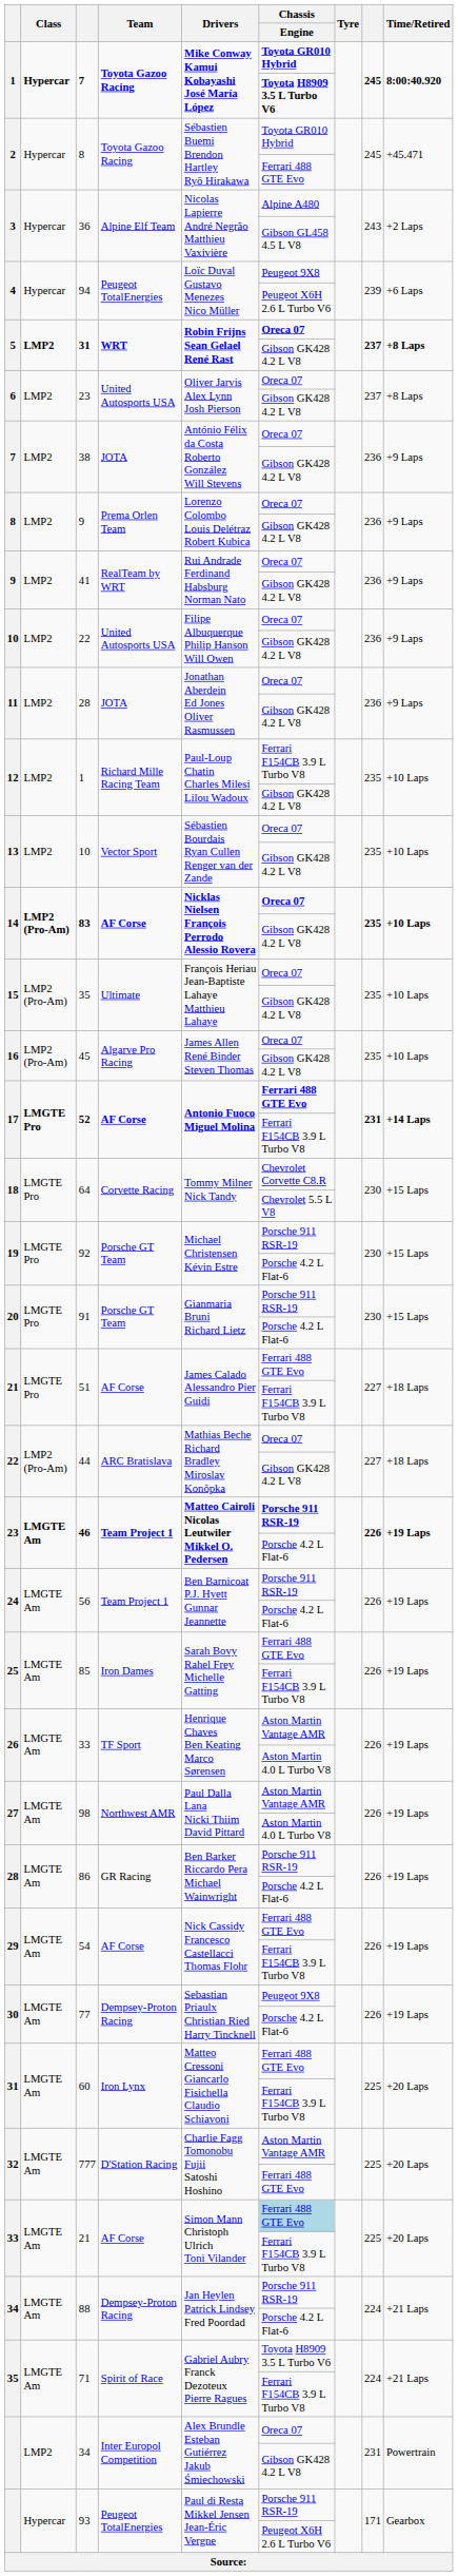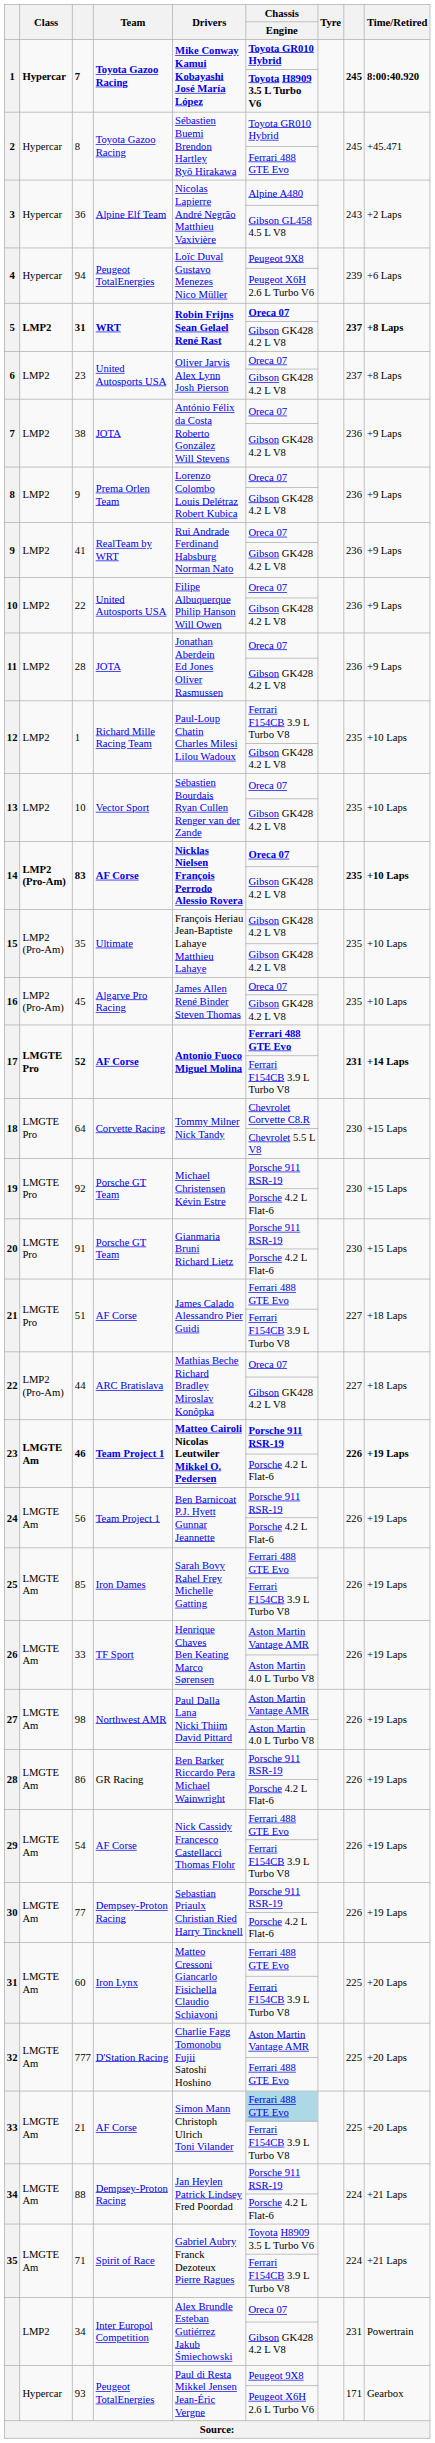 <table class="wikitable" style="font-size:95%;">
 <tr>
 <th rowspan=2></th>
 <th rowspan=2>Class</th>
 <th rowspan=2></th>
 <th rowspan=2>Team</th>
 <th rowspan=2>Drivers</th>
 <th>Chassis</th>
 <th rowspan=2>Tyre</th>
 <th rowspan=2></th>
 <th rowspan=2>Time/Retired</th>
 </tr>
 <tr>
 <th>Engine</th>
 </tr>
 <tr style="font-weight:bold;">
 <th rowspan=2>1</th>
 <td rowspan=2>Hypercar</td>
 <td rowspan=2>7</td>
 <td rowspan=2> <a href='#'>Toyota Gazoo Racing</a></td>
 <td rowspan=2> <a href='#'>Mike Conway</a><br> <a href='#'>Kamui Kobayashi</a><br> <a href='#'>José María López</a></td>
 <td><a href='#'>Toyota GR010 Hybrid</a></td>
 <td rowspan=2></td>
 <td rowspan=2>245</td>
 <td rowspan=2>8:00:40.920</td>
 </tr>
 <tr style="font-weight:bold;">
 <td><a href='#'>Toyota</a> <a href='#'>H8909</a> 3.5 L Turbo V6</td>
 </tr>
 <tr>
 <th rowspan=2>2</th>
 <td rowspan=2>Hypercar</td>
 <td rowspan=2>8</td>
 <td rowspan=2> <a href='#'>Toyota Gazoo Racing</a></td>
 <td rowspan=2> <a href='#'>Sébastien Buemi</a><br> <a href='#'>Brendon Hartley</a><br> <a href='#'>Ryō Hirakawa</a></td>
 <td><a href='#'>Toyota GR010 Hybrid</a></td>
 <td rowspan=2></td>
 <td rowspan=2>245</td>
 <td rowspan=2>+45.471</td>
 </tr>
 <tr>
 <td><a href='#'>Ferrari 488 GTE Evo</a></td>
 </tr>
 <tr>
 <th rowspan=2>3</th>
 <td rowspan=2>Hypercar</td>
 <td rowspan=2>36</td>
 <td rowspan=2> <a href='#'>Alpine Elf Team</a></td>
 <td rowspan=2> <a href='#'>Nicolas Lapierre</a><br> <a href='#'>André Negrão</a><br> <a href='#'>Matthieu Vaxivière</a></td>
 <td><a href='#'>Alpine A480</a></td>
 <td rowspan=2></td>
 <td rowspan=2>243</td>
 <td rowspan=2>+2 Laps</td>
 </tr>
 <tr>
 <td><a href='#'>Gibson GL458</a> 4.5 L V8</td>
 </tr>
 <tr>
 <th rowspan=2>4</th>
 <td rowspan=2>Hypercar</td>
 <td rowspan=2>94</td>
 <td rowspan=2> <a href='#'>Peugeot TotalEnergies</a></td>
 <td rowspan=2> <a href='#'>Loïc Duval</a><br> <a href='#'>Gustavo Menezes</a><br> <a href='#'>Nico Müller</a></td>
 <td><a href='#'>Peugeot 9X8</a></td>
 <td rowspan=2></td>
 <td rowspan=2>239</td>
 <td rowspan=2>+6 Laps</td>
 </tr>
 <tr>
 <td><a href='#'>Peugeot X6H</a> 2.6 L Turbo V6</td>
 </tr>
 <tr style="font-weight:bold;">
 <th rowspan=2>5</th>
 <td rowspan=2>LMP2</td>
 <td rowspan=2>31</td>
 <td rowspan=2> <a href='#'>WRT</a></td>
 <td rowspan=2> <a href='#'>Robin Frijns</a><br> <a href='#'>Sean Gelael</a><br> <a href='#'>René Rast</a></td>
 <td><a href='#'>Oreca 07</a></td>
 <td rowspan=2></td>
 <td rowspan=2>237</td>
 <td rowspan=2>+8 Laps</td>
 </tr>
 <tr>
 <td><a href='#'>Gibson</a> GK428 4.2 L V8</td>
 </tr>
 <tr>
 <th rowspan=2>6</th>
 <td rowspan=2>LMP2</td>
 <td rowspan=2>23</td>
 <td rowspan=2> <a href='#'>United Autosports USA</a></td>
 <td rowspan=2> <a href='#'>Oliver Jarvis</a><br> <a href='#'>Alex Lynn</a><br> <a href='#'>Josh Pierson</a></td>
 <td><a href='#'>Oreca 07</a></td>
 <td rowspan=2></td>
 <td rowspan=2>237</td>
 <td rowspan=2>+8 Laps</td>
 </tr>
 <tr>
 <td><a href='#'>Gibson</a> GK428 4.2 L V8</td>
 </tr>
 <tr>
 <th rowspan=2>7</th>
 <td rowspan=2>LMP2</td>
 <td rowspan=2>38</td>
 <td rowspan=2> <a href='#'>JOTA</a></td>
 <td rowspan=2> <a href='#'>António Félix da Costa</a><br> <a href='#'>Roberto González</a><br> <a href='#'>Will Stevens</a></td>
 <td><a href='#'>Oreca 07</a></td>
 <td rowspan=2></td>
 <td rowspan=2>236</td>
 <td rowspan=2>+9 Laps</td>
 </tr>
 <tr>
 <td><a href='#'>Gibson</a> GK428 4.2 L V8</td>
 </tr>
 <tr>
 <th rowspan=2>8</th>
 <td rowspan=2>LMP2</td>
 <td rowspan=2>9</td>
 <td rowspan=2> <a href='#'>Prema Orlen Team</a></td>
 <td rowspan=2> <a href='#'>Lorenzo Colombo</a><br> <a href='#'>Louis Delétraz</a><br> <a href='#'>Robert Kubica</a></td>
 <td><a href='#'>Oreca 07</a></td>
 <td rowspan=2></td>
 <td rowspan=2>236</td>
 <td rowspan=2>+9 Laps</td>
 </tr>
 <tr>
 <td><a href='#'>Gibson</a> GK428 4.2 L V8</td>
 </tr>
 <tr>
 <th rowspan=2>9</th>
 <td rowspan=2>LMP2</td>
 <td rowspan=2>41</td>
 <td rowspan=2> <a href='#'>RealTeam by WRT</a></td>
 <td rowspan=2> <a href='#'>Rui Andrade</a><br> <a href='#'>Ferdinand Habsburg</a><br> <a href='#'>Norman Nato</a></td>
 <td><a href='#'>Oreca 07</a></td>
 <td rowspan=2></td>
 <td rowspan=2>236</td>
 <td rowspan=2>+9 Laps</td>
 </tr>
 <tr>
 <td><a href='#'>Gibson</a> GK428 4.2 L V8</td>
 </tr>
 <tr>
 <th rowspan=2>10</th>
 <td rowspan=2>LMP2</td>
 <td rowspan=2>22</td>
 <td rowspan=2> <a href='#'>United Autosports USA</a></td>
 <td rowspan=2> <a href='#'>Filipe Albuquerque</a><br> <a href='#'>Philip Hanson</a><br> <a href='#'>Will Owen</a></td>
 <td><a href='#'>Oreca 07</a></td>
 <td rowspan=2></td>
 <td rowspan=2>236</td>
 <td rowspan=2>+9 Laps</td>
 </tr>
 <tr>
 <td><a href='#'>Gibson</a> GK428 4.2 L V8</td>
 </tr>
 <tr>
 <th rowspan=2>11</th>
 <td rowspan=2>LMP2</td>
 <td rowspan=2>28</td>
 <td rowspan=2> <a href='#'>JOTA</a></td>
 <td rowspan=2> <a href='#'>Jonathan Aberdein</a><br> <a href='#'>Ed Jones</a><br> <a href='#'>Oliver Rasmussen</a></td>
 <td><a href='#'>Oreca 07</a></td>
 <td rowspan=2></td>
 <td rowspan=2>236</td>
 <td rowspan=2>+9 Laps</td>
 </tr>
 <tr>
 <td><a href='#'>Gibson</a> GK428 4.2 L V8</td>
 </tr>
 <tr>
 <th rowspan=2>12</th>
 <td rowspan=2>LMP2</td>
 <td rowspan=2>1</td>
 <td rowspan=2> <a href='#'>Richard Mille Racing Team</a></td>
 <td rowspan=2> <a href='#'>Paul-Loup Chatin</a><br> <a href='#'>Charles Milesi</a><br> <a href='#'>Lilou Wadoux</a></td>
 <td><a href='#'>Ferrari</a> <a href='#'>F154CB</a> 3.9 L Turbo V8</td>
 <td rowspan=2></td>
 <td rowspan=2>235</td>
 <td rowspan=2>+10 Laps</td>
 </tr>
 <tr>
 <td><a href='#'>Gibson</a> GK428 4.2 L V8</td>
 </tr>
 <tr>
 <th rowspan=2>13</th>
 <td rowspan=2>LMP2</td>
 <td rowspan=2>10</td>
 <td rowspan=2> <a href='#'>Vector Sport</a></td>
 <td rowspan=2> <a href='#'>Sébastien Bourdais</a><br> <a href='#'>Ryan Cullen</a><br> <a href='#'>Renger van der Zande</a></td>
 <td><a href='#'>Oreca 07</a></td>
 <td rowspan=2></td>
 <td rowspan=2>235</td>
 <td rowspan=2>+10 Laps</td>
 </tr>
 <tr>
 <td><a href='#'>Gibson</a> GK428 4.2 L V8</td>
 </tr>
 <tr style="font-weight:bold;">
 <th rowspan=2>14</th>
 <td rowspan=2>LMP2<br>(Pro-Am)</td>
 <td rowspan=2>83</td>
 <td rowspan=2> <a href='#'>AF Corse</a></td>
 <td rowspan=2> <a href='#'>Nicklas Nielsen</a><br> <a href='#'>François Perrodo</a><br> <a href='#'>Alessio Rovera</a></td>
 <td><a href='#'>Oreca 07</a></td>
 <td rowspan=2></td>
 <td rowspan=2>235</td>
 <td rowspan=2>+10 Laps</td>
 </tr>
 <tr>
 <td><a href='#'>Gibson</a> GK428 4.2 L V8</td>
 </tr>
 <tr>
 <th rowspan=2>15</th>
 <td rowspan=2>LMP2<br>(Pro-Am)</td>
 <td rowspan=2>35</td>
 <td rowspan=2> <a href='#'>Ultimate</a></td>
 <td rowspan=2> François Heriau<br> Jean-Baptiste Lahaye<br> <a href='#'>Matthieu Lahaye</a></td>
-<td><a href='#'>Oreca 07</a></td>
+<td><a href='#'>Gibson</a> GK428 4.2 L V8</td>
 <td rowspan=2></td>
 <td rowspan=2>235</td>
 <td rowspan=2>+10 Laps</td>
 </tr>
 <tr>
 <td><a href='#'>Gibson</a> GK428 4.2 L V8</td>
 </tr>
 <tr>
 <th rowspan=2>16</th>
 <td rowspan=2>LMP2<br>(Pro-Am)</td>
 <td rowspan=2>45</td>
 <td rowspan=2> <a href='#'>Algarve Pro Racing</a></td>
 <td rowspan=2> <a href='#'>James Allen</a><br> <a href='#'>René Binder</a><br> <a href='#'>Steven Thomas</a></td>
 <td><a href='#'>Oreca 07</a></td>
 <td rowspan=2></td>
 <td rowspan=2>235</td>
 <td rowspan=2>+10 Laps</td>
 </tr>
 <tr>
 <td><a href='#'>Gibson</a> GK428 4.2 L V8</td>
 </tr>
 <tr style="font-weight:bold;">
 <th rowspan=2>17</th>
 <td rowspan=2>LMGTE Pro</td>
 <td rowspan=2>52</td>
 <td rowspan=2> <a href='#'>AF Corse</a></td>
 <td rowspan=2> <a href='#'>Antonio Fuoco</a><br> <a href='#'>Miguel Molina</a><br></td>
 <td><a href='#'>Ferrari 488 GTE Evo</a></td>
 <td rowspan=2></td>
 <td rowspan=2>231</td>
 <td rowspan=2>+14 Laps</td>
 </tr>
 <tr>
 <td><a href='#'>Ferrari</a> <a href='#'>F154CB</a> 3.9 L Turbo V8</td>
 </tr>
 <tr>
 <th rowspan=2>18</th>
 <td rowspan=2>LMGTE Pro</td>
 <td rowspan=2>64</td>
 <td rowspan=2> <a href='#'>Corvette Racing</a></td>
 <td rowspan=2> <a href='#'>Tommy Milner</a><br> <a href='#'>Nick Tandy</a><br></td>
 <td><a href='#'>Chevrolet Corvette C8.R</a></td>
 <td rowspan=2></td>
 <td rowspan=2>230</td>
 <td rowspan=2>+15 Laps</td>
 </tr>
 <tr>
 <td><a href='#'>Chevrolet</a> 5.5 L <a href='#'>V8</a></td>
 </tr>
 <tr>
 <th rowspan=2>19</th>
 <td rowspan=2>LMGTE Pro</td>
 <td rowspan=2>92</td>
 <td rowspan=2> <a href='#'>Porsche GT Team</a></td>
 <td rowspan=2> <a href='#'>Michael Christensen</a><br> <a href='#'>Kévin Estre</a><br></td>
 <td><a href='#'>Porsche 911 RSR-19</a></td>
 <td rowspan=2></td>
 <td rowspan=2>230</td>
 <td rowspan=2>+15 Laps</td>
 </tr>
 <tr>
 <td><a href='#'>Porsche</a> 4.2 L Flat-6</td>
 </tr>
 <tr>
 <th rowspan=2>20</th>
 <td rowspan=2>LMGTE Pro</td>
 <td rowspan=2>91</td>
 <td rowspan=2> <a href='#'>Porsche GT Team</a></td>
 <td rowspan=2> <a href='#'>Gianmaria Bruni</a><br> <a href='#'>Richard Lietz</a><br></td>
 <td><a href='#'>Porsche 911 RSR-19</a></td>
 <td rowspan=2></td>
 <td rowspan=2>230</td>
 <td rowspan=2>+15 Laps</td>
 </tr>
 <tr>
 <td><a href='#'>Porsche</a> 4.2 L Flat-6</td>
 </tr>
 <tr>
 <th rowspan=2>21</th>
 <td rowspan=2>LMGTE Pro</td>
 <td rowspan=2>51</td>
 <td rowspan=2> <a href='#'>AF Corse</a></td>
 <td rowspan=2> <a href='#'>James Calado</a><br> <a href='#'>Alessandro Pier Guidi</a><br></td>
 <td><a href='#'>Ferrari 488 GTE Evo</a></td>
 <td rowspan=2></td>
 <td rowspan=2>227</td>
 <td rowspan=2>+18 Laps</td>
 </tr>
 <tr>
 <td><a href='#'>Ferrari</a> <a href='#'>F154CB</a> 3.9 L Turbo V8</td>
 </tr>
 <tr>
 <th rowspan=2>22</th>
 <td rowspan=2>LMP2<br>(Pro-Am)</td>
 <td rowspan=2>44</td>
 <td rowspan=2> <a href='#'>ARC Bratislava</a></td>
 <td rowspan=2> <a href='#'>Mathias Beche</a><br> <a href='#'>Richard Bradley</a><br> <a href='#'>Miroslav Konôpka</a></td>
 <td><a href='#'>Oreca 07</a></td>
 <td rowspan=2></td>
 <td rowspan=2>227</td>
 <td rowspan=2>+18 Laps</td>
 </tr>
 <tr>
 <td><a href='#'>Gibson</a> GK428 4.2 L V8</td>
 </tr>
 <tr style="font-weight:bold;">
 <th rowspan=2>23</th>
 <td rowspan=2>LMGTE Am</td>
 <td rowspan=2>46</td>
 <td rowspan=2> <a href='#'>Team Project 1</a></td>
 <td rowspan=2> <a href='#'>Matteo Cairoli</a><br> Nicolas Leutwiler<br> <a href='#'>Mikkel O. Pedersen</a></td>
 <td><a href='#'>Porsche 911 RSR-19</a></td>
 <td rowspan=2></td>
 <td rowspan=2>226</td>
 <td rowspan=2>+19 Laps</td>
 </tr>
 <tr>
 <td><a href='#'>Porsche</a> 4.2 L Flat-6</td>
 </tr>
 <tr>
 <th rowspan=2>24</th>
 <td rowspan=2>LMGTE Am</td>
 <td rowspan=2>56</td>
 <td rowspan=2> <a href='#'>Team Project 1</a></td>
 <td rowspan=2> <a href='#'>Ben Barnicoat</a><br> <a href='#'>P.J. Hyett</a><br> <a href='#'>Gunnar Jeannette</a></td>
 <td><a href='#'>Porsche 911 RSR-19</a></td>
 <td rowspan=2></td>
 <td rowspan=2>226</td>
 <td rowspan=2>+19 Laps</td>
 </tr>
 <tr>
 <td><a href='#'>Porsche</a> 4.2 L Flat-6</td>
 </tr>
 <tr>
 <th rowspan=2>25</th>
 <td rowspan=2>LMGTE Am</td>
 <td rowspan=2>85</td>
 <td rowspan=2> <a href='#'>Iron Dames</a></td>
 <td rowspan=2> <a href='#'>Sarah Bovy</a><br> <a href='#'>Rahel Frey</a><br> <a href='#'>Michelle Gatting</a></td>
 <td><a href='#'>Ferrari 488 GTE Evo</a></td>
 <td rowspan=2></td>
 <td rowspan=2>226</td>
 <td rowspan=2>+19 Laps</td>
 </tr>
 <tr>
 <td><a href='#'>Ferrari</a> <a href='#'>F154CB</a> 3.9 L Turbo V8</td>
 </tr>
 <tr>
 <th rowspan=2>26</th>
 <td rowspan=2>LMGTE Am</td>
 <td rowspan=2>33</td>
 <td rowspan=2> <a href='#'>TF Sport</a></td>
 <td rowspan=2> <a href='#'>Henrique Chaves</a><br> <a href='#'>Ben Keating</a><br> <a href='#'>Marco Sørensen</a></td>
 <td><a href='#'>Aston Martin Vantage AMR</a></td>
 <td rowspan=2></td>
 <td rowspan=2>226</td>
 <td rowspan=2>+19 Laps</td>
 </tr>
 <tr>
 <td><a href='#'>Aston Martin</a> 4.0 L Turbo V8</td>
 </tr>
 <tr>
 <th rowspan=2>27</th>
 <td rowspan=2>LMGTE Am</td>
 <td rowspan=2>98</td>
 <td rowspan=2> <a href='#'>Northwest AMR</a></td>
 <td rowspan=2> <a href='#'>Paul Dalla Lana</a><br> <a href='#'>Nicki Thiim</a><br> <a href='#'>David Pittard</a></td>
 <td><a href='#'>Aston Martin Vantage AMR</a></td>
 <td rowspan=2></td>
 <td rowspan=2>226</td>
 <td rowspan=2>+19 Laps</td>
 </tr>
 <tr>
 <td><a href='#'>Aston Martin</a> 4.0 L Turbo V8</td>
 </tr>
 <tr>
 <th rowspan=2>28</th>
 <td rowspan=2>LMGTE Am</td>
 <td rowspan=2>86</td>
 <td rowspan=2> GR Racing</td>
 <td rowspan=2> <a href='#'>Ben Barker</a><br> <a href='#'>Riccardo Pera</a><br> <a href='#'>Michael Wainwright</a></td>
 <td><a href='#'>Porsche 911 RSR-19</a></td>
 <td rowspan=2></td>
 <td rowspan=2>226</td>
 <td rowspan=2>+19 Laps</td>
 </tr>
 <tr>
 <td><a href='#'>Porsche</a> 4.2 L Flat-6</td>
 </tr>
 <tr>
 <th rowspan=2>29</th>
 <td rowspan=2>LMGTE Am</td>
 <td rowspan=2>54</td>
 <td rowspan=2> <a href='#'>AF Corse</a></td>
 <td rowspan=2> <a href='#'>Nick Cassidy</a><br> <a href='#'>Francesco Castellacci</a><br> <a href='#'>Thomas Flohr</a></td>
 <td><a href='#'>Ferrari 488 GTE Evo</a></td>
 <td rowspan=2></td>
 <td rowspan=2>226</td>
 <td rowspan=2>+19 Laps</td>
 </tr>
 <tr>
 <td><a href='#'>Ferrari</a> <a href='#'>F154CB</a> 3.9 L Turbo V8</td>
 </tr>
 <tr>
 <th rowspan=2>30</th>
 <td rowspan=2>LMGTE Am</td>
 <td rowspan=2>77</td>
 <td rowspan=2> <a href='#'>Dempsey-Proton Racing</a></td>
 <td rowspan=2> <a href='#'>Sebastian Priaulx</a><br> <a href='#'>Christian Ried</a><br> <a href='#'>Harry Tincknell</a></td>
-<td><a href='#'>Peugeot 9X8</a></td>
+<td><a href='#'>Porsche 911 RSR-19</a></td>
 <td rowspan=2></td>
 <td rowspan=2>226</td>
 <td rowspan=2>+19 Laps</td>
 </tr>
 <tr>
 <td><a href='#'>Porsche</a> 4.2 L Flat-6</td>
 </tr>
 <tr>
 <th rowspan=2>31</th>
 <td rowspan=2>LMGTE Am</td>
 <td rowspan=2>60</td>
 <td rowspan=2> <a href='#'>Iron Lynx</a></td>
 <td rowspan=2> <a href='#'>Matteo Cressoni</a><br> <a href='#'>Giancarlo Fisichella</a><br> <a href='#'>Claudio Schiavoni</a></td>
 <td><a href='#'>Ferrari 488 GTE Evo</a></td>
 <td rowspan=2></td>
 <td rowspan=2>225</td>
 <td rowspan=2>+20 Laps</td>
 </tr>
 <tr>
 <td><a href='#'>Ferrari</a> <a href='#'>F154CB</a> 3.9 L Turbo V8</td>
 </tr>
 <tr>
 <th rowspan=2>32</th>
 <td rowspan=2>LMGTE Am</td>
 <td rowspan=2>777</td>
 <td rowspan=2> <a href='#'>D'Station Racing</a></td>
 <td rowspan=2> <a href='#'>Charlie Fagg</a><br> <a href='#'>Tomonobu Fujii</a><br> Satoshi Hoshino</td>
 <td><a href='#'>Aston Martin Vantage AMR</a></td>
 <td rowspan=2></td>
 <td rowspan=2>225</td>
 <td rowspan=2>+20 Laps</td>
 </tr>
 <tr>
 <td><a href='#'>Ferrari 488 GTE Evo</a></td>
 </tr>
 <tr>
 <th rowspan=2>33</th>
 <td rowspan=2>LMGTE Am</td>
 <td rowspan=2>21</td>
 <td rowspan=2> <a href='#'>AF Corse</a></td>
 <td rowspan=2> <a href='#'>Simon Mann</a><br> Christoph Ulrich<br> <a href='#'>Toni Vilander</a></td>
 <td style="background: lightblue;"><a href='#'>Ferrari 488 GTE Evo</a></td>
 <td rowspan=2></td>
 <td rowspan=2>225</td>
 <td rowspan=2>+20 Laps</td>
 </tr>
 <tr>
 <td><a href='#'>Ferrari</a> <a href='#'>F154CB</a> 3.9 L Turbo V8</td>
 </tr>
 <tr>
 <th rowspan=2>34</th>
 <td rowspan=2>LMGTE Am</td>
 <td rowspan=2>88</td>
 <td rowspan=2> <a href='#'>Dempsey-Proton Racing</a></td>
 <td rowspan=2> <a href='#'>Jan Heylen</a><br> <a href='#'>Patrick Lindsey</a><br> Fred Poordad</td>
 <td><a href='#'>Porsche 911 RSR-19</a></td>
 <td rowspan=2></td>
 <td rowspan=2>224</td>
 <td rowspan=2>+21 Laps</td>
 </tr>
 <tr>
 <td><a href='#'>Porsche</a> 4.2 L Flat-6</td>
 </tr>
 <tr>
 <th rowspan=2>35</th>
 <td rowspan=2>LMGTE Am</td>
 <td rowspan=2>71</td>
 <td rowspan=2> <a href='#'>Spirit of Race</a></td>
 <td rowspan=2> <a href='#'>Gabriel Aubry</a><br> Franck Dezoteux<br> <a href='#'>Pierre Ragues</a></td>
 <td><a href='#'>Toyota</a> <a href='#'>H8909</a> 3.5 L Turbo V6</td>
 <td rowspan=2></td>
 <td rowspan=2>224</td>
 <td rowspan=2>+21 Laps</td>
 </tr>
 <tr>
 <td><a href='#'>Ferrari</a> <a href='#'>F154CB</a> 3.9 L Turbo V8</td>
 </tr>
 <tr>
 <th rowspan=2></th>
 <td rowspan=2>LMP2</td>
 <td rowspan=2>34</td>
 <td rowspan=2> <a href='#'>Inter Europol Competition</a></td>
 <td rowspan=2> <a href='#'>Alex Brundle</a><br> <a href='#'>Esteban Gutiérrez</a><br> <a href='#'>Jakub Śmiechowski</a></td>
 <td><a href='#'>Oreca 07</a></td>
 <td rowspan=2></td>
 <td rowspan=2>231</td>
 <td rowspan=2>Powertrain</td>
 </tr>
 <tr>
 <td><a href='#'>Gibson</a> GK428 4.2 L V8</td>
 </tr>
 <tr>
 <th rowspan=2></th>
 <td rowspan=2>Hypercar</td>
 <td rowspan=2>93</td>
 <td rowspan=2> <a href='#'>Peugeot TotalEnergies</a></td>
 <td rowspan=2> <a href='#'>Paul di Resta</a><br> <a href='#'>Mikkel Jensen</a><br> <a href='#'>Jean-Éric Vergne</a></td>
-<td><a href='#'>Porsche 911 RSR-19</a></td>
+<td><a href='#'>Peugeot 9X8</a></td>
 <td rowspan=2></td>
 <td rowspan=2>171</td>
 <td rowspan=2>Gearbox</td>
 </tr>
 <tr>
 <td><a href='#'>Peugeot X6H</a> 2.6 L Turbo V6</td>
 </tr>
 <tr>
 <th colspan="9">Source:</th>
 </tr>
 </table>
